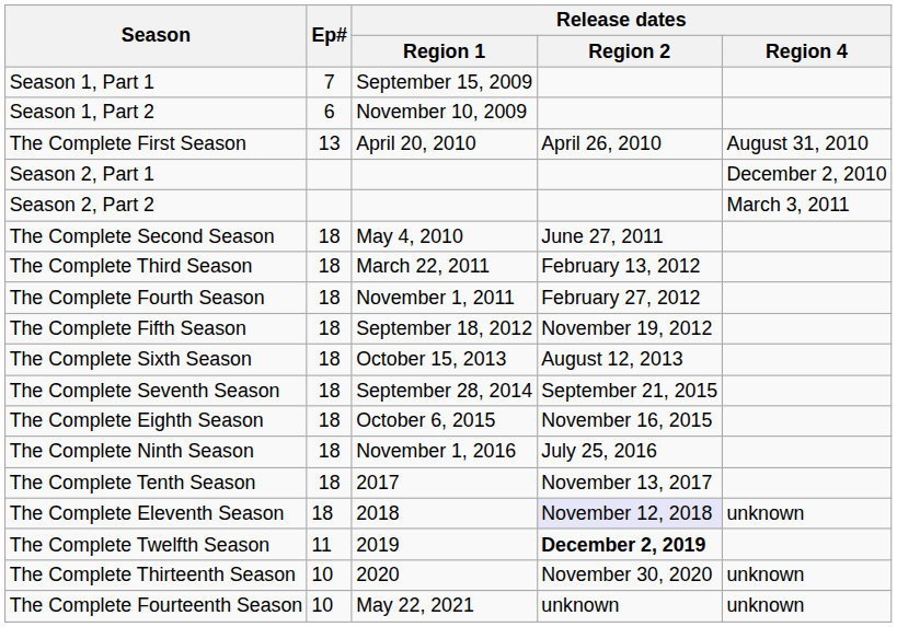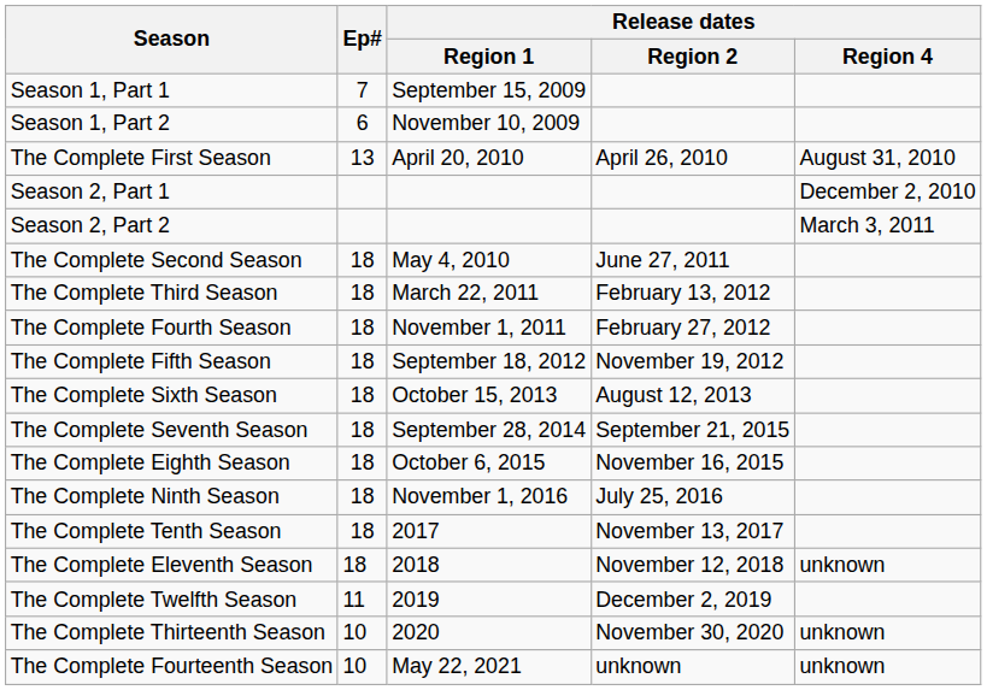 <table class="wikitable">
 <tr>
 <th rowspan="2">Season</th>
 <th rowspan="2">Ep#</th>
 <th colspan="4">Release dates</th>
 </tr>
 <tr>
 <th>Region 1</th>
 <th>Region 2</th>
 <th>Region 4</th>
 </tr>
 <tr>
 <td>Season 1, Part 1</td>
 <td style="text-align:center;">7</td>
 <td>September 15, 2009</td>
 <td></td>
 <td></td>
 </tr>
 <tr>
 <td>Season 1, Part 2</td>
 <td style="text-align:center;">6</td>
 <td>November 10, 2009</td>
 <td></td>
 <td></td>
 </tr>
 <tr>
 <td>The Complete First Season</td>
 <td style="text-align:center;">13</td>
 <td>April 20, 2010</td>
 <td>April 26, 2010</td>
 <td>August 31, 2010</td>
 </tr>
 <tr>
 <td>Season 2, Part 1</td>
 <td></td>
 <td></td>
 <td></td>
 <td>December 2, 2010</td>
 </tr>
 <tr>
 <td>Season 2, Part 2</td>
 <td></td>
 <td></td>
 <td></td>
 <td>March 3, 2011</td>
 </tr>
 <tr>
 <td>The Complete Second Season</td>
 <td style="text-align:center;">18</td>
 <td>May 4, 2010</td>
 <td>June 27, 2011</td>
 <td></td>
 </tr>
 <tr>
 <td>The Complete Third Season</td>
 <td style="text-align:center;">18</td>
 <td>March 22, 2011</td>
 <td>February 13, 2012</td>
 <td></td>
 </tr>
 <tr>
 <td>The Complete Fourth Season</td>
 <td style="text-align:center;">18</td>
 <td>November 1, 2011</td>
 <td>February 27, 2012</td>
 <td></td>
 </tr>
 <tr>
 <td>The Complete Fifth Season</td>
 <td style="text-align:center;">18</td>
 <td>September 18, 2012</td>
 <td>November 19, 2012</td>
 <td></td>
 </tr>
 <tr>
 <td>The Complete Sixth Season</td>
 <td style="text-align:center;">18</td>
 <td>October 15, 2013</td>
 <td>August 12, 2013</td>
 <td></td>
 </tr>
 <tr>
 <td>The Complete Seventh Season</td>
 <td style="text-align:center;">18</td>
 <td>September 28, 2014</td>
 <td>September 21, 2015</td>
 <td></td>
 </tr>
 <tr>
 <td>The Complete Eighth Season</td>
 <td style="text-align:center;">18</td>
 <td>October 6, 2015</td>
 <td>November 16, 2015</td>
 <td></td>
 </tr>
 <tr>
 <td>The Complete Ninth Season</td>
 <td style="text-align:center;">18</td>
 <td>November 1, 2016</td>
 <td>July 25, 2016</td>
 <td></td>
 </tr>
 <tr>
 <td>The Complete Tenth Season</td>
 <td style="text-align:center;">18</td>
 <td>2017</td>
 <td>November 13, 2017</td>
 <td></td>
 </tr>
 <tr>
 <td>The Complete Eleventh Season</td>
 <td>18</td>
 <td>2018</td>
-<td style="background: lavender;">November 12, 2018</td>
+<td>November 12, 2018</td>
 <td>unknown</td>
 </tr>
 <tr>
 <td>The Complete Twelfth Season</td>
 <td>11</td>
 <td>2019</td>
-<td><strong>December 2, 2019</strong></td>
+<td>December 2, 2019</td>
 <td></td>
 </tr>
 <tr>
 <td>The Complete Thirteenth Season</td>
 <td>10</td>
 <td>2020</td>
 <td>November 30, 2020</td>
 <td>unknown</td>
 </tr>
 <tr>
 <td>The Complete Fourteenth Season</td>
 <td>10</td>
 <td>May 22, 2021</td>
 <td>unknown</td>
 <td>unknown</td>
 </tr>
 </table>
